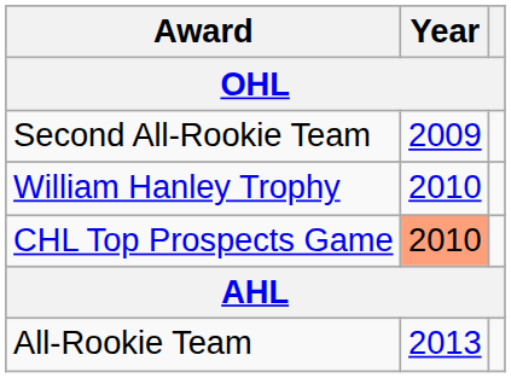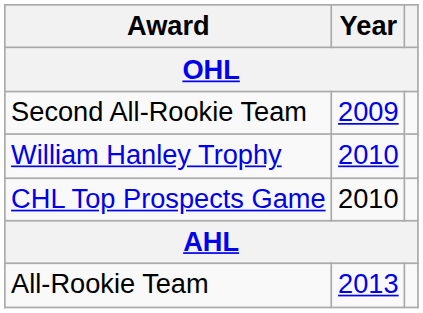 <table class="wikitable">
 <tr>
 <th>Award</th>
 <th>Year</th>
 <th></th>
 </tr>
 <tr>
 <th colspan="3"><a href='#'>OHL</a></th>
 </tr>
 <tr>
 <td>Second All-Rookie Team</td>
 <td><a href='#'>2009</a></td>
 <td></td>
 </tr>
 <tr>
 <td><a href='#'>William Hanley Trophy</a></td>
 <td><a href='#'>2010</a></td>
 <td></td>
 </tr>
 <tr>
 <td><a href='#'>CHL Top Prospects Game</a></td>
-<td style="background: lightsalmon;">2010</td>
+<td>2010</td>
 <td></td>
 </tr>
 <tr>
 <th colspan="3"><a href='#'>AHL</a></th>
 </tr>
 <tr>
 <td>All-Rookie Team</td>
 <td><a href='#'>2013</a></td>
 <td></td>
 </tr>
 </table>
